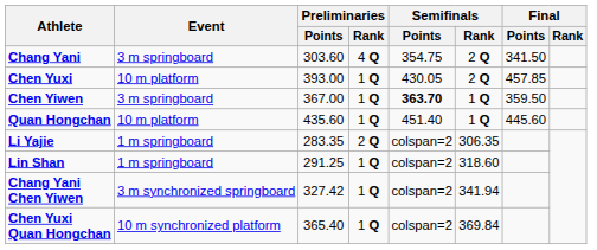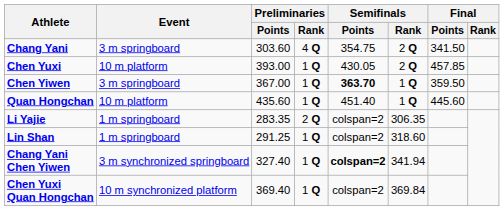 <table class="wikitable" style="text-align:center; font-size:90%;">
 <tr>
 <th rowspan=2>Athlete</th>
 <th rowspan=2>Event</th>
 <th colspan=2>Preliminaries</th>
 <th colspan=2>Semifinals</th>
 <th colspan=2>Final</th>
 </tr>
 <tr style="font-size:95%">
 <th>Points</th>
 <th>Rank</th>
 <th>Points</th>
 <th>Rank</th>
 <th>Points</th>
 <th>Rank</th>
 </tr>
 <tr>
 <td align=left><strong><a href='#'>Chang Yani</a></strong></td>
 <td align=left><a href='#'>3 m springboard</a></td>
 <td>303.60</td>
 <td>4 <strong>Q</strong></td>
 <td>354.75</td>
 <td>2 <strong>Q</strong></td>
 <td>341.50</td>
 <td></td>
 </tr>
 <tr>
 <td align=left><strong><a href='#'>Chen Yuxi</a></strong></td>
 <td align=left><a href='#'>10 m platform</a></td>
 <td>393.00</td>
 <td>1 <strong>Q</strong></td>
 <td>430.05</td>
 <td>2 <strong>Q</strong></td>
 <td>457.85</td>
 <td></td>
 </tr>
 <tr>
 <td align=left><strong><a href='#'>Chen Yiwen</a></strong></td>
 <td align=left><a href='#'>3 m springboard</a></td>
 <td>367.00</td>
 <td>1 <strong>Q</strong></td>
 <td><strong>363.70</strong></td>
 <td>1 <strong>Q</strong></td>
 <td>359.50</td>
 <td></td>
 </tr>
 <tr>
 <td align=left><strong><a href='#'>Quan Hongchan</a></strong></td>
 <td align=left><a href='#'>10 m platform</a></td>
 <td>435.60</td>
 <td>1 <strong>Q</strong></td>
 <td>451.40</td>
 <td>1 <strong>Q</strong></td>
 <td>445.60</td>
 <td></td>
 </tr>
 <tr>
 <td align=left><strong><a href='#'>Li Yajie</a></strong></td>
 <td align=left><a href='#'>1 m springboard</a></td>
 <td>283.35</td>
 <td>2 <strong>Q</strong></td>
 <td>colspan=2 </td>
 <td>306.35</td>
 <td></td>
 </tr>
 <tr>
 <td align=left><strong><a href='#'>Lin Shan</a></strong></td>
 <td align=left><a href='#'>1 m springboard</a></td>
 <td>291.25</td>
 <td>1 <strong>Q</strong></td>
 <td>colspan=2 </td>
 <td>318.60</td>
 <td></td>
 </tr>
 <tr>
 <td align=left><strong><a href='#'>Chang Yani</a> <br> <a href='#'>Chen Yiwen</a></strong></td>
 <td align=left><a href='#'>3 m synchronized springboard</a></td>
-<td>327.42</td>
+<td>327.40</td>
 <td>1 <strong>Q</strong></td>
-<td>colspan=2 </td>
+<td><strong>colspan=2 </strong></td>
 <td>341.94</td>
 <td></td>
 </tr>
 <tr>
 <td align=left><strong><a href='#'>Chen Yuxi</a> <br> <a href='#'>Quan Hongchan</a></strong></td>
 <td align=left><a href='#'>10 m synchronized platform</a></td>
-<td>365.40</td>
+<td>369.40</td>
 <td>1 <strong>Q</strong></td>
 <td>colspan=2 </td>
 <td>369.84</td>
 <td></td>
 </tr>
 </table>
